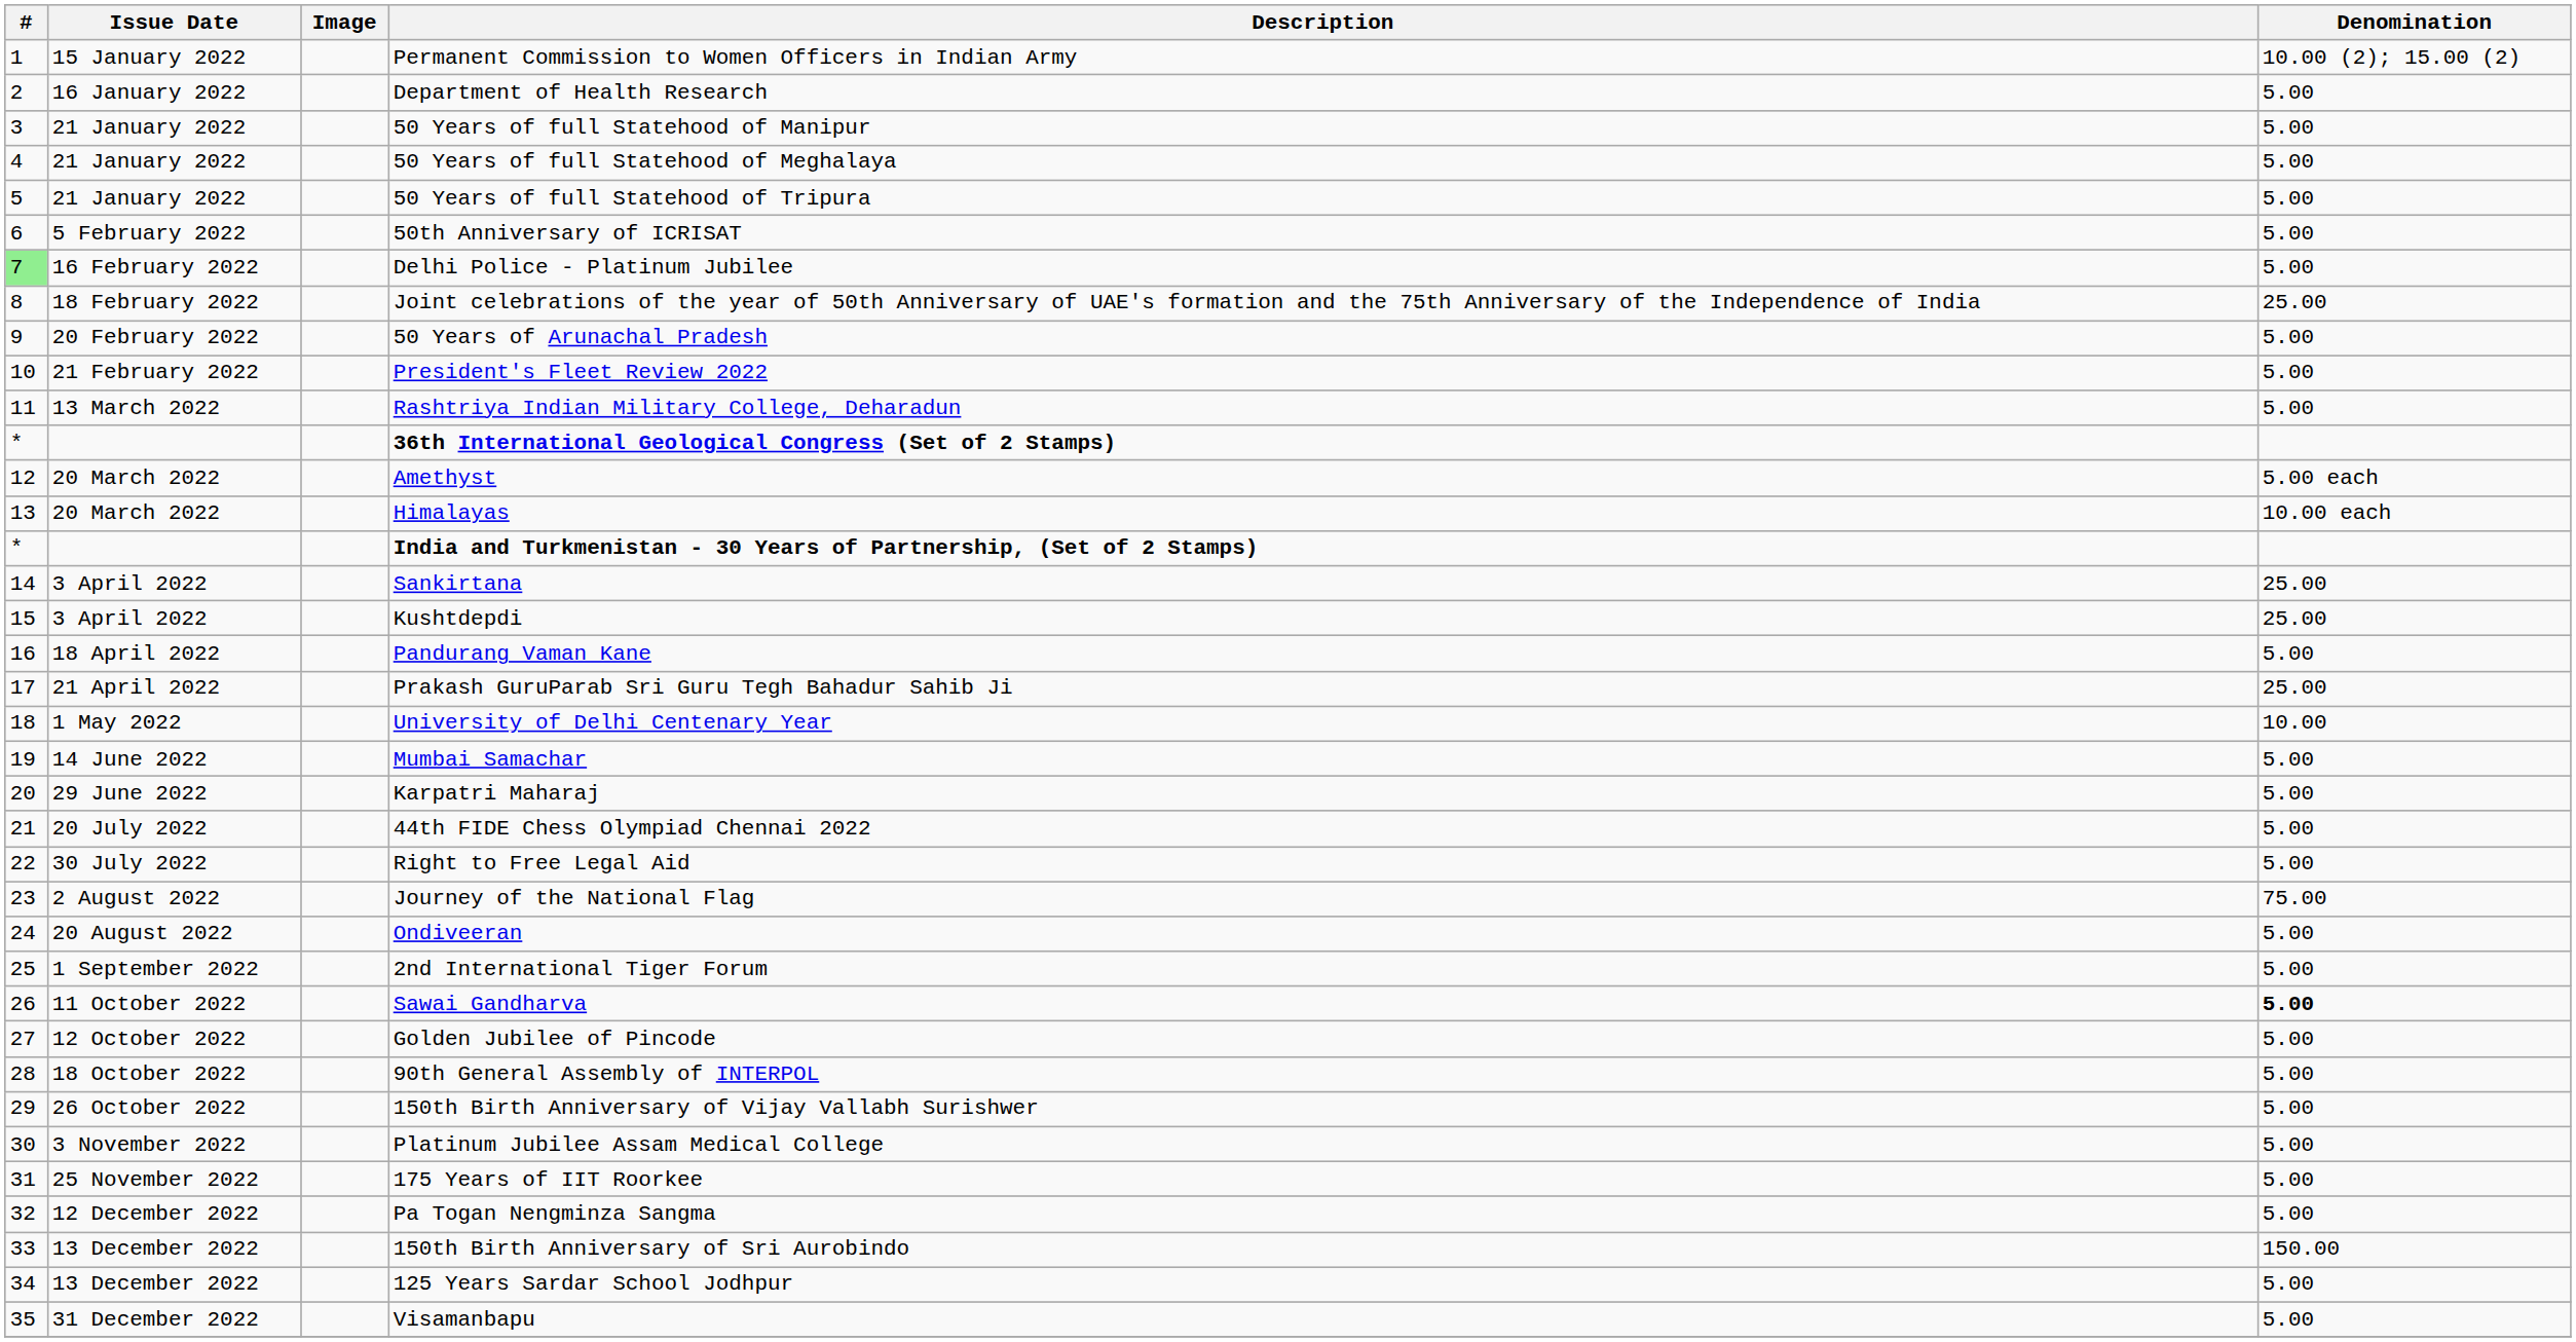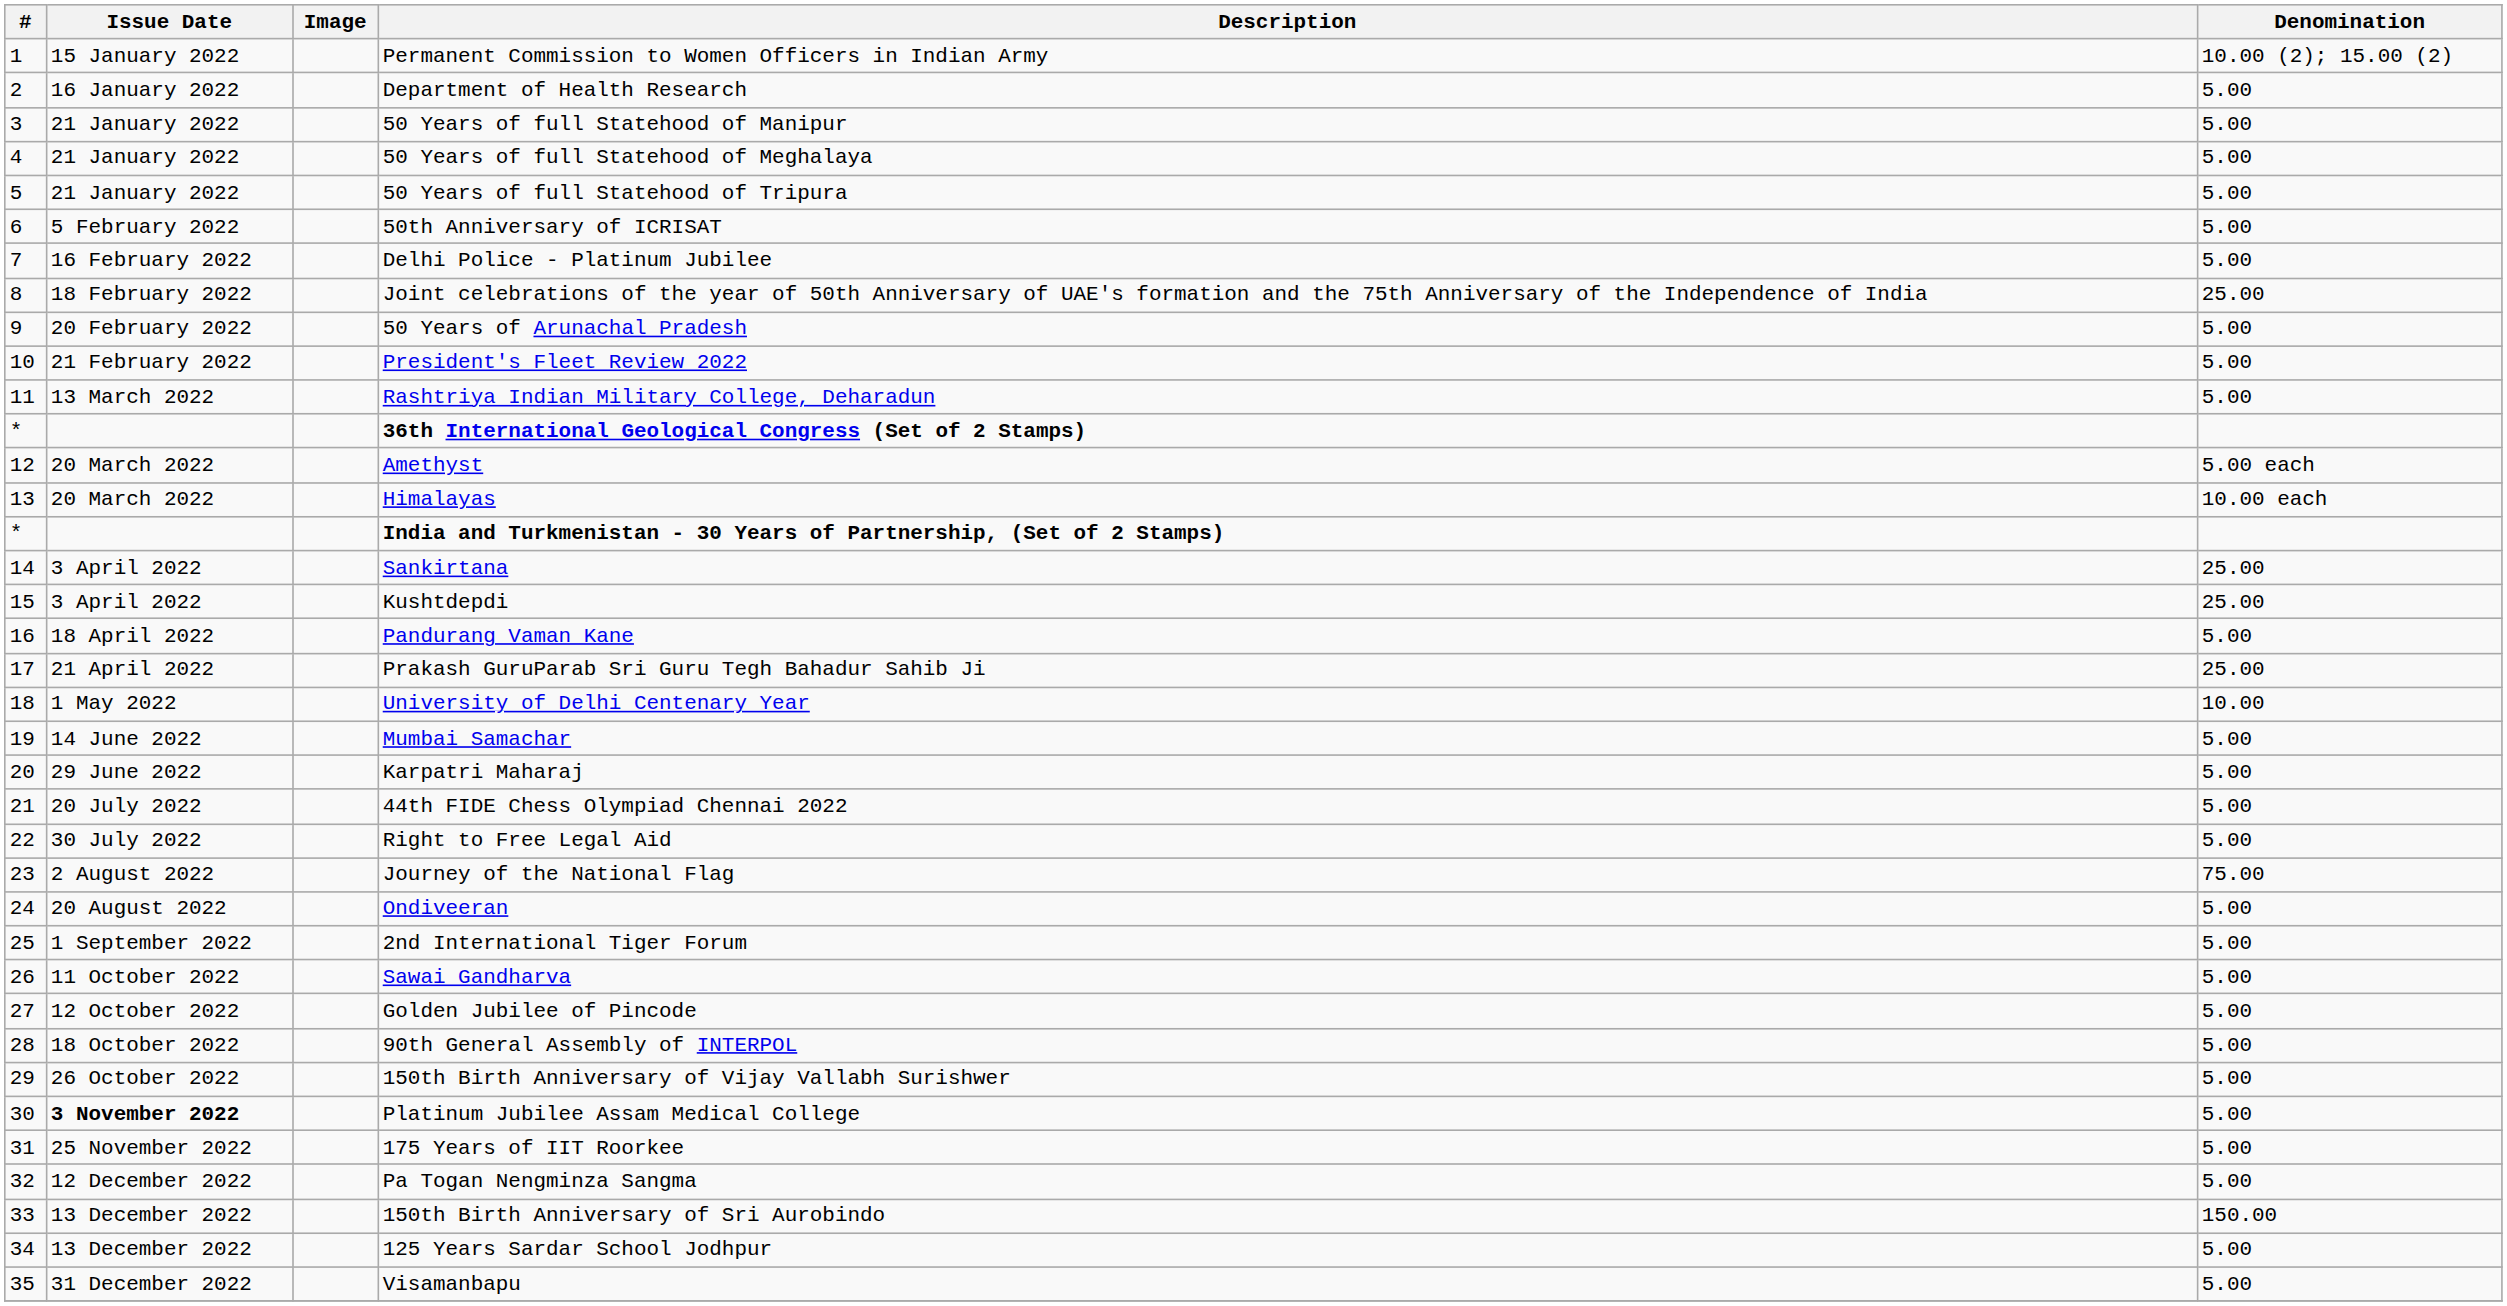 <table class = "wikitable"  style = "text-align:justify" width = "98%">
 <tr>
 <th>#</th>
 <th>Issue Date</th>
 <th>Image</th>
 <th>Description</th>
 <th>Denomination</th>
 </tr>
 <tr>
 <td>1</td>
 <td>15 January 2022</td>
 <td></td>
 <td>Permanent Commission to Women Officers in Indian Army</td>
 <td>10.00 (2); 15.00 (2)</td>
 </tr>
 <tr>
 <td>2</td>
 <td>16 January 2022</td>
 <td></td>
 <td>Department of Health Research</td>
 <td>5.00</td>
 </tr>
 <tr>
 <td>3</td>
 <td>21 January 2022</td>
 <td></td>
 <td>50 Years of full Statehood of Manipur</td>
 <td>5.00</td>
 </tr>
 <tr>
 <td>4</td>
 <td>21 January 2022</td>
 <td></td>
 <td>50 Years of full Statehood of Meghalaya</td>
 <td>5.00</td>
 </tr>
 <tr>
 <td>5</td>
 <td>21 January 2022</td>
 <td></td>
 <td>50 Years of full Statehood of Tripura</td>
 <td>5.00</td>
 </tr>
 <tr>
 <td>6</td>
 <td>5 February 2022</td>
 <td></td>
 <td>50th Anniversary of ICRISAT</td>
 <td>5.00</td>
 </tr>
 <tr>
-<td style="background: lightgreen;">7</td>
+<td>7</td>
 <td>16 February 2022</td>
 <td></td>
 <td>Delhi Police - Platinum Jubilee</td>
 <td>5.00</td>
 </tr>
 <tr>
 <td>8</td>
 <td>18 February 2022</td>
 <td></td>
 <td>Joint celebrations of the year of 50th Anniversary of UAE's formation and the 75th Anniversary of the Independence of India</td>
 <td>25.00</td>
 </tr>
 <tr>
 <td>9</td>
 <td>20 February 2022</td>
 <td></td>
 <td>50 Years of <a href='#'>Arunachal Pradesh</a></td>
 <td>5.00</td>
 </tr>
 <tr>
 <td>10</td>
 <td>21 February 2022</td>
 <td></td>
 <td><a href='#'>President's Fleet Review 2022</a></td>
 <td>5.00</td>
 </tr>
 <tr>
 <td>11</td>
 <td>13 March 2022</td>
 <td></td>
 <td><a href='#'>Rashtriya Indian Military College, Deharadun</a></td>
 <td>5.00</td>
 </tr>
 <tr>
 <td>*</td>
 <td></td>
 <td></td>
 <td><strong>36th <a href='#'>International Geological Congress</a> (Set of 2 Stamps)</strong></td>
 <td></td>
 </tr>
 <tr>
 <td>12</td>
 <td>20 March 2022</td>
 <td></td>
 <td><a href='#'>Amethyst</a></td>
 <td>5.00 each</td>
 </tr>
 <tr>
 <td>13</td>
 <td>20 March 2022</td>
 <td></td>
 <td><a href='#'>Himalayas</a></td>
 <td>10.00 each</td>
 </tr>
 <tr>
 <td>*</td>
 <td></td>
 <td></td>
 <td><strong>India and Turkmenistan - 30 Years of Partnership, (Set of 2 Stamps)</strong></td>
 <td></td>
 </tr>
 <tr>
 <td>14</td>
 <td>3 April 2022</td>
 <td></td>
 <td><a href='#'>Sankirtana</a></td>
 <td>25.00</td>
 </tr>
 <tr>
 <td>15</td>
 <td>3 April 2022</td>
 <td></td>
 <td>Kushtdepdi</td>
 <td>25.00</td>
 </tr>
 <tr>
 <td>16</td>
 <td>18 April 2022</td>
 <td></td>
 <td><a href='#'>Pandurang Vaman Kane</a></td>
 <td>5.00</td>
 </tr>
 <tr>
 <td>17</td>
 <td>21 April 2022</td>
 <td></td>
 <td>Prakash GuruParab Sri Guru Tegh Bahadur Sahib Ji</td>
 <td>25.00</td>
 </tr>
 <tr>
 <td>18</td>
 <td>1 May 2022</td>
 <td></td>
 <td><a href='#'>University of Delhi Centenary Year</a></td>
 <td>10.00</td>
 </tr>
 <tr>
 <td>19</td>
 <td>14 June 2022</td>
 <td></td>
 <td><a href='#'>Mumbai Samachar</a></td>
 <td>5.00</td>
 </tr>
 <tr>
 <td>20</td>
 <td>29 June 2022</td>
 <td></td>
 <td>Karpatri Maharaj</td>
 <td>5.00</td>
 </tr>
 <tr>
 <td>21</td>
 <td>20 July 2022</td>
 <td></td>
 <td>44th FIDE Chess Olympiad Chennai 2022</td>
 <td>5.00</td>
 </tr>
 <tr>
 <td>22</td>
 <td>30 July 2022</td>
 <td></td>
 <td>Right to Free Legal Aid</td>
 <td>5.00</td>
 </tr>
 <tr>
 <td>23</td>
 <td>2 August 2022</td>
 <td></td>
 <td>Journey of the National Flag</td>
 <td>75.00</td>
 </tr>
 <tr>
 <td>24</td>
 <td>20 August 2022</td>
 <td></td>
 <td><a href='#'>Ondiveeran</a></td>
 <td>5.00</td>
 </tr>
 <tr>
 <td>25</td>
 <td>1 September 2022</td>
 <td></td>
 <td>2nd International Tiger Forum</td>
 <td>5.00</td>
 </tr>
 <tr>
 <td>26</td>
 <td>11 October 2022</td>
 <td></td>
 <td><a href='#'>Sawai Gandharva</a></td>
-<td><strong>5.00</strong></td>
+<td>5.00</td>
 </tr>
 <tr>
 <td>27</td>
 <td>12 October 2022</td>
 <td></td>
 <td>Golden Jubilee of Pincode</td>
 <td>5.00</td>
 </tr>
 <tr>
 <td>28</td>
 <td>18 October 2022</td>
 <td></td>
 <td>90th General Assembly of <a href='#'>INTERPOL</a></td>
 <td>5.00</td>
 </tr>
 <tr>
 <td>29</td>
 <td>26 October 2022</td>
 <td></td>
 <td>150th Birth Anniversary of Vijay Vallabh Surishwer</td>
 <td>5.00</td>
 </tr>
 <tr>
 <td>30</td>
-<td>3 November 2022</td>
+<td><strong>3 November 2022</strong></td>
 <td></td>
 <td>Platinum Jubilee Assam Medical College</td>
 <td>5.00</td>
 </tr>
 <tr>
 <td>31</td>
 <td>25 November 2022</td>
 <td></td>
 <td>175 Years of IIT Roorkee</td>
 <td>5.00</td>
 </tr>
 <tr>
 <td>32</td>
 <td>12 December 2022</td>
 <td></td>
 <td>Pa Togan Nengminza Sangma</td>
 <td>5.00</td>
 </tr>
 <tr>
 <td>33</td>
 <td>13 December 2022</td>
 <td></td>
 <td>150th Birth Anniversary of Sri Aurobindo</td>
 <td>150.00</td>
 </tr>
 <tr>
 <td>34</td>
 <td>13 December 2022</td>
 <td></td>
 <td>125 Years Sardar School Jodhpur</td>
 <td>5.00</td>
 </tr>
 <tr>
 <td>35</td>
 <td>31 December 2022</td>
 <td></td>
 <td>Visamanbapu</td>
 <td>5.00</td>
 </tr>
 <tr>
 </tr>
 </table>
